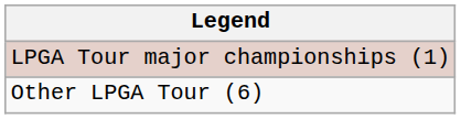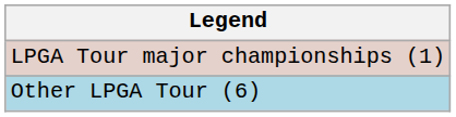 <table class="wikitable" style="font-size:95%;">
 <tr>
 <th>Legend</th>
 </tr>
 <tr style="background:#e5d1cb;">
 <td>LPGA Tour major championships (1)</td>
 </tr>
 <tr>
-<td>Other LPGA Tour (6)</td>
+<td style="background: lightblue;">Other LPGA Tour (6)</td>
 </tr>
 </table>
